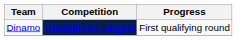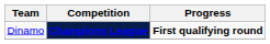 <table class="wikitable sortable">
 <tr>
 <th>Team</th>
 <th>Competition</th>
 <th>Progress</th>
 </tr>
 <tr>
 <td><a href='#'>Dinamo</a></td>
 <td rowspan="1" style="background-color:#071D49;color:#D0D3D4;text-align:center"><strong><a href='#'><span>Champions League</span></a></strong></td>
-<td>First qualifying round</td>
+<td><strong>First qualifying round</strong></td>
 </tr>
 <tr>
 </tr>
 </table>
